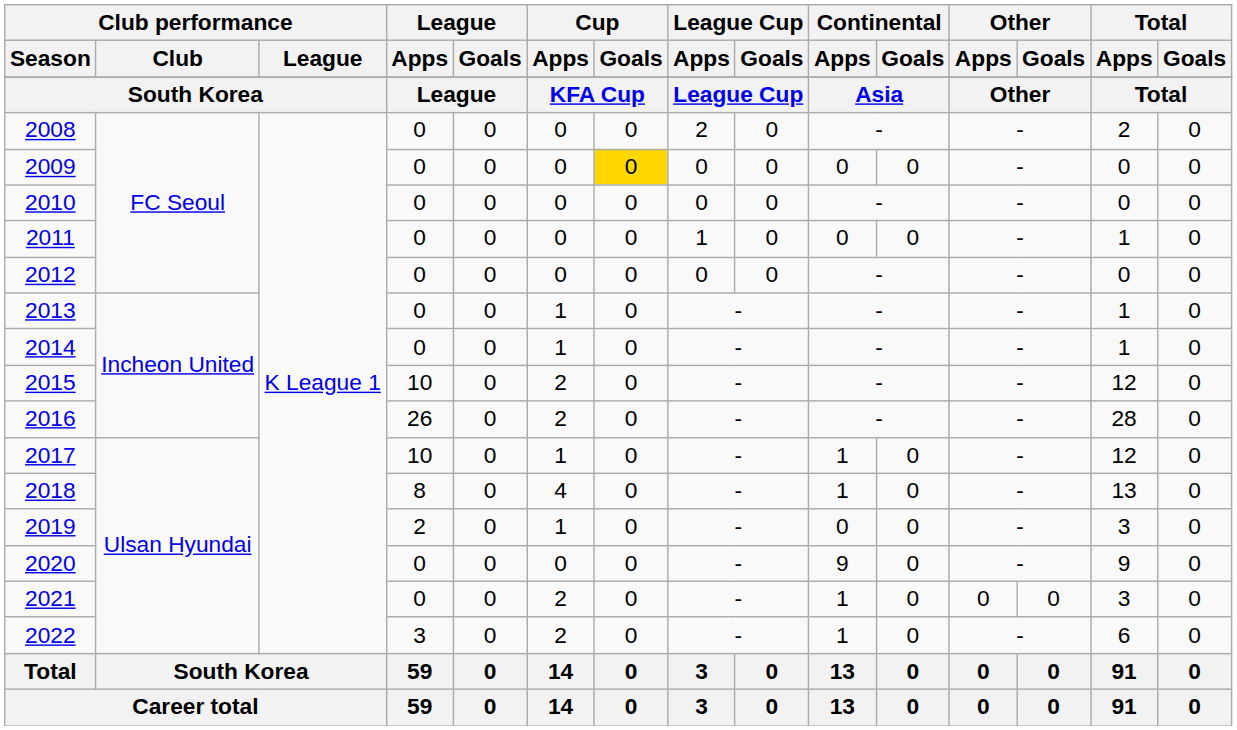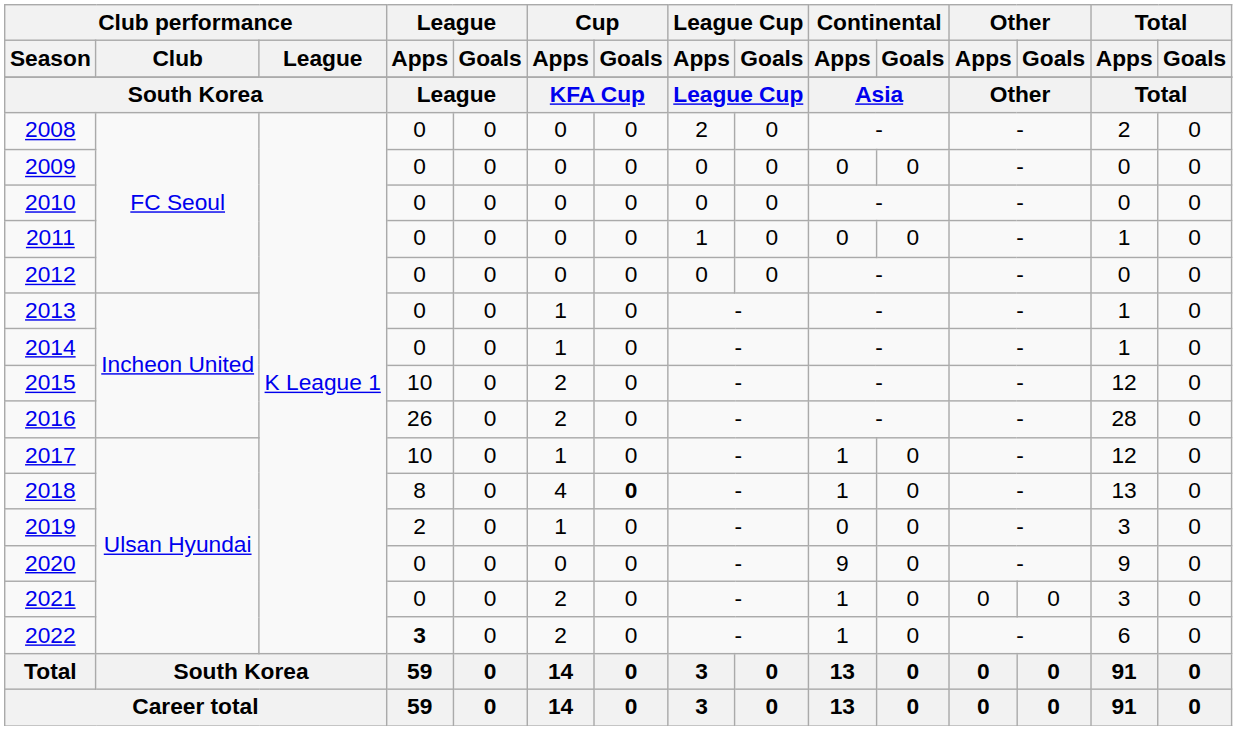 <table class="wikitable" style="text-align:center">
 <tr>
 <th colspan=3>Club performance</th>
 <th colspan=2>League</th>
 <th colspan=2>Cup</th>
 <th colspan=2>League Cup</th>
 <th colspan=2>Continental</th>
 <th colspan=2>Other</th>
 <th colspan=2>Total</th>
 </tr>
 <tr>
 <th>Season</th>
 <th>Club</th>
 <th>League</th>
 <th>Apps</th>
 <th>Goals</th>
 <th>Apps</th>
 <th>Goals</th>
 <th>Apps</th>
 <th>Goals</th>
 <th>Apps</th>
 <th>Goals</th>
 <th>Apps</th>
 <th>Goals</th>
 <th>Apps</th>
 <th>Goals</th>
 </tr>
 <tr>
 </tr>
 <tr>
 <th colspan=3>South Korea</th>
 <th colspan=2>League</th>
 <th colspan=2><a href='#'>KFA Cup</a></th>
 <th colspan=2><a href='#'>League Cup</a></th>
 <th colspan=2><a href='#'>Asia</a></th>
 <th colspan=2>Other</th>
 <th colspan=2>Total</th>
 </tr>
 <tr>
 <td><a href='#'>2008</a></td>
 <td rowspan="5"><a href='#'>FC Seoul</a></td>
 <td rowspan="15"><a href='#'>K League 1</a></td>
 <td>0</td>
 <td>0</td>
 <td>0</td>
 <td>0</td>
 <td>2</td>
 <td>0</td>
 <td colspan="2">-</td>
 <td colspan="2">-</td>
 <td>2</td>
 <td>0</td>
 </tr>
 <tr>
 <td><a href='#'>2009</a></td>
 <td>0</td>
 <td>0</td>
 <td>0</td>
-<td style="background: gold;">0</td>
+<td>0</td>
 <td>0</td>
 <td>0</td>
 <td>0</td>
 <td>0</td>
 <td colspan="2">-</td>
 <td>0</td>
 <td>0</td>
 </tr>
 <tr>
 <td><a href='#'>2010</a></td>
 <td>0</td>
 <td>0</td>
 <td>0</td>
 <td>0</td>
 <td>0</td>
 <td>0</td>
 <td colspan="2">-</td>
 <td colspan="2">-</td>
 <td>0</td>
 <td>0</td>
 </tr>
 <tr>
 <td><a href='#'>2011</a></td>
 <td>0</td>
 <td>0</td>
 <td>0</td>
 <td>0</td>
 <td>1</td>
 <td>0</td>
 <td>0</td>
 <td>0</td>
 <td colspan="2">-</td>
 <td>1</td>
 <td>0</td>
 </tr>
 <tr>
 <td><a href='#'>2012</a></td>
 <td>0</td>
 <td>0</td>
 <td>0</td>
 <td>0</td>
 <td>0</td>
 <td>0</td>
 <td colspan="2">-</td>
 <td colspan="2">-</td>
 <td>0</td>
 <td>0</td>
 </tr>
 <tr>
 <td><a href='#'>2013</a></td>
 <td rowspan="4"><a href='#'>Incheon United</a></td>
 <td>0</td>
 <td>0</td>
 <td>1</td>
 <td>0</td>
 <td colspan="2">-</td>
 <td colspan="2">-</td>
 <td colspan="2">-</td>
 <td>1</td>
 <td>0</td>
 </tr>
 <tr>
 <td><a href='#'>2014</a></td>
 <td>0</td>
 <td>0</td>
 <td>1</td>
 <td>0</td>
 <td colspan="2">-</td>
 <td colspan="2">-</td>
 <td colspan="2">-</td>
 <td>1</td>
 <td>0</td>
 </tr>
 <tr>
 <td><a href='#'>2015</a></td>
 <td>10</td>
 <td>0</td>
 <td>2</td>
 <td>0</td>
 <td colspan="2">-</td>
 <td colspan="2">-</td>
 <td colspan="2">-</td>
 <td>12</td>
 <td>0</td>
 </tr>
 <tr>
 <td><a href='#'>2016</a></td>
 <td>26</td>
 <td>0</td>
 <td>2</td>
 <td>0</td>
 <td colspan="2">-</td>
 <td colspan="2">-</td>
 <td colspan="2">-</td>
 <td>28</td>
 <td>0</td>
 </tr>
 <tr>
 <td><a href='#'>2017</a></td>
 <td rowspan="6"><a href='#'>Ulsan Hyundai</a></td>
 <td>10</td>
 <td>0</td>
 <td>1</td>
 <td>0</td>
 <td colspan="2">-</td>
 <td>1</td>
 <td>0</td>
 <td colspan="2">-</td>
 <td>12</td>
 <td>0</td>
 </tr>
 <tr>
 <td><a href='#'>2018</a></td>
 <td>8</td>
 <td>0</td>
 <td>4</td>
-<td>0</td>
+<td><strong>0</strong></td>
 <td colspan="2">-</td>
 <td>1</td>
 <td>0</td>
 <td colspan="2">-</td>
 <td>13</td>
 <td>0</td>
 </tr>
 <tr>
 <td><a href='#'>2019</a></td>
 <td>2</td>
 <td>0</td>
 <td>1</td>
 <td>0</td>
 <td colspan="2">-</td>
 <td>0</td>
 <td>0</td>
 <td colspan="2">-</td>
 <td>3</td>
 <td>0</td>
 </tr>
 <tr>
 <td><a href='#'>2020</a></td>
 <td>0</td>
 <td>0</td>
 <td>0</td>
 <td>0</td>
 <td colspan="2">-</td>
 <td>9</td>
 <td>0</td>
 <td colspan="2">-</td>
 <td>9</td>
 <td>0</td>
 </tr>
 <tr>
 <td><a href='#'>2021</a></td>
 <td>0</td>
 <td>0</td>
 <td>2</td>
 <td>0</td>
 <td colspan="2">-</td>
 <td>1</td>
 <td>0</td>
 <td>0</td>
 <td>0</td>
 <td>3</td>
 <td>0</td>
 </tr>
 <tr>
 <td><a href='#'>2022</a></td>
-<td>3</td>
+<td><strong>3</strong></td>
 <td>0</td>
 <td>2</td>
 <td>0</td>
 <td colspan="2">-</td>
 <td>1</td>
 <td>0</td>
 <td colspan="2">-</td>
 <td>6</td>
 <td>0</td>
 </tr>
 <tr>
 <th rowspan=1>Total</th>
 <th colspan=2>South Korea</th>
 <th>59</th>
 <th>0</th>
 <th>14</th>
 <th>0</th>
 <th>3</th>
 <th>0</th>
 <th>13</th>
 <th>0</th>
 <th>0</th>
 <th>0</th>
 <th>91</th>
 <th>0</th>
 </tr>
 <tr>
 <th colspan=3>Career total</th>
 <th>59</th>
 <th>0</th>
 <th>14</th>
 <th>0</th>
 <th>3</th>
 <th>0</th>
 <th>13</th>
 <th>0</th>
 <th>0</th>
 <th>0</th>
 <th>91</th>
 <th>0</th>
 </tr>
 </table>
